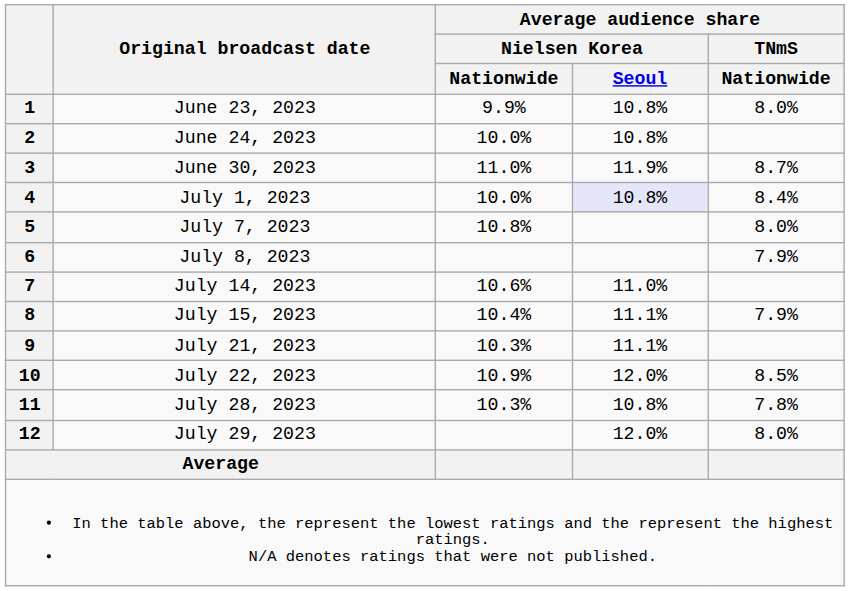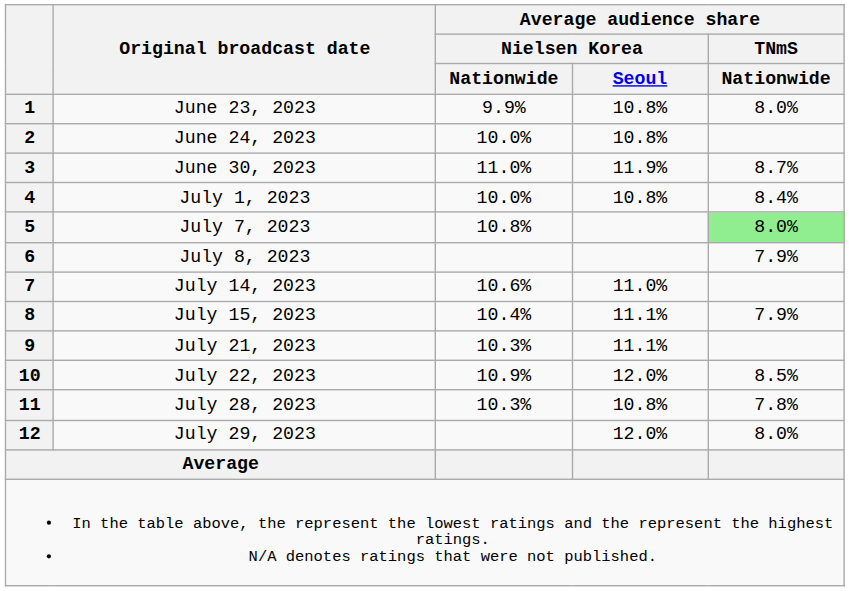 <table class="wikitable" style="margin-left:auto; margin-right:auto; width:600px; text-align:center">
 <tr>
 <th scope="col" rowspan="3"></th>
 <th scope="col" rowspan="3">Original broadcast date</th>
 <th scope="col" colspan="3">Average audience share</th>
 </tr>
 <tr>
 <th scope="col" colspan="2">Nielsen Korea</th>
 <th scope="col">TNmS</th>
 </tr>
 <tr>
 <th scope="col" style="width:7em">Nationwide</th>
 <th scope="col" style="width:7em"><a href='#'>Seoul</a></th>
 <th scope="col" style="width:7em">Nationwide</th>
 </tr>
 <tr>
 <th scope="col">1</th>
 <td>June 23, 2023</td>
 <td>9.9% </td>
 <td>10.8% </td>
 <td>8.0% </td>
 </tr>
 <tr>
 <th scope="col">2</th>
 <td>June 24, 2023</td>
 <td>10.0% </td>
 <td>10.8% </td>
 <td></td>
 </tr>
 <tr>
 <th scope="col">3</th>
 <td>June 30, 2023</td>
 <td>11.0% </td>
 <td>11.9% </td>
 <td>8.7% </td>
 </tr>
 <tr>
 <th scope="col">4</th>
 <td>July 1, 2023</td>
 <td>10.0% </td>
-<td style="background: lavender;">10.8% </td>
+<td>10.8% </td>
 <td>8.4% </td>
 </tr>
 <tr>
 <th scope="col">5</th>
 <td>July 7, 2023</td>
 <td>10.8% </td>
 <td><strong></strong> </td>
-<td>8.0% </td>
+<td style="background: lightgreen;">8.0% </td>
 </tr>
 <tr>
 <th scope="col">6</th>
 <td>July 8, 2023</td>
 <td><strong></strong> </td>
 <td><strong></strong> </td>
 <td>7.9% </td>
 </tr>
 <tr>
 <th scope="col">7</th>
 <td>July 14, 2023</td>
 <td>10.6% </td>
 <td>11.0% </td>
 <td><strong></strong> </td>
 </tr>
 <tr>
 <th scope="col">8</th>
 <td>July 15, 2023</td>
 <td>10.4% </td>
 <td>11.1% </td>
 <td>7.9% </td>
 </tr>
 <tr>
 <th scope="col">9</th>
 <td>July 21, 2023</td>
 <td>10.3% </td>
 <td>11.1% </td>
 <td><strong></strong> </td>
 </tr>
 <tr>
 <th scope="col">10</th>
 <td>July 22, 2023</td>
 <td>10.9% </td>
 <td>12.0% </td>
 <td>8.5% </td>
 </tr>
 <tr>
 <th scope="col">11</th>
 <td>July 28, 2023</td>
 <td>10.3% </td>
 <td>10.8% </td>
 <td>7.8% </td>
 </tr>
 <tr>
 <th scope="col">12</th>
 <td>July 29, 2023</td>
 <td><strong></strong> </td>
 <td>12.0% </td>
 <td>8.0% </td>
 </tr>
 <tr>
 <th scope="col" colspan="2">Average</th>
 <th scope="col"></th>
 <th scope="col"></th>
 <th scope="col"></th>
 </tr>
 <tr>
 <td colspan="5" style="font-size:85%"><br><ul><li>In the table above, the <strong></strong> represent the lowest ratings and the <strong></strong> represent the highest ratings.</li><li>N/A denotes ratings that were not published.</li></ul></td>
 </tr>
 </table>
